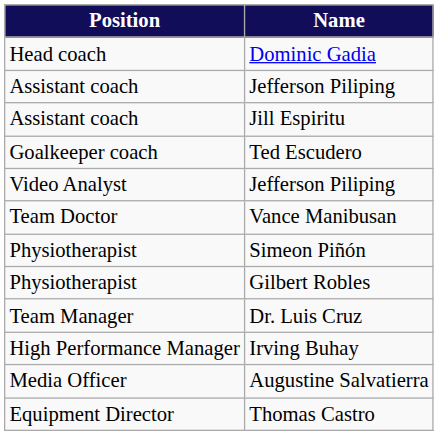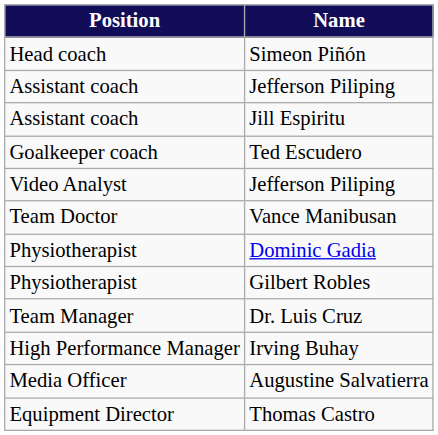 <table class="wikitable">
 <tr>
 <th style="color:#FFFFFF;background:#110D59">Position</th>
 <th style="color:#FFFFFF;background:#110D59">Name</th>
 </tr>
 <tr>
 <td>Head coach</td>
-<td> <a href='#'>Dominic Gadia</a></td>
+<td> Simeon Piñón</td>
 </tr>
 <tr>
 <td>Assistant coach</td>
 <td> Jefferson Piliping</td>
 </tr>
 <tr>
 <td>Assistant coach</td>
 <td> Jill Espiritu</td>
 </tr>
 <tr>
 <td>Goalkeeper coach</td>
 <td> Ted Escudero</td>
 </tr>
 <tr>
 <td>Video Analyst</td>
 <td> Jefferson Piliping</td>
 </tr>
 <tr>
 <td>Team Doctor</td>
 <td> Vance Manibusan</td>
 </tr>
 <tr>
 <td>Physiotherapist</td>
-<td> Simeon Piñón</td>
+<td> <a href='#'>Dominic Gadia</a></td>
 </tr>
 <tr>
 <td>Physiotherapist</td>
 <td> Gilbert Robles</td>
 </tr>
 <tr>
 <td>Team Manager</td>
 <td> Dr. Luis Cruz</td>
 </tr>
 <tr>
 <td>High Performance Manager</td>
 <td> Irving Buhay</td>
 </tr>
 <tr>
 <td>Media Officer</td>
 <td> Augustine Salvatierra</td>
 </tr>
 <tr>
 <td>Equipment Director</td>
 <td> Thomas Castro</td>
 </tr>
 </table>
